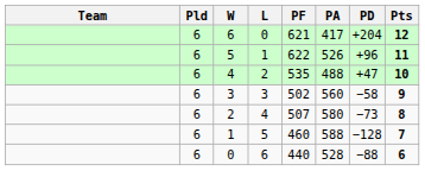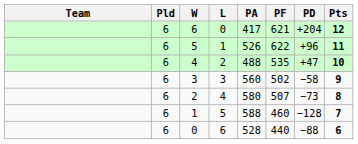 <table class=wikitable style="text-align:center">
 <tr>
 <th width=180>Team</th>
 <th width=30>Pld</th>
 <th width=30>W</th>
 <th width=30>L</th>
+<th width=30>PA</th>
 <th width=30>PF</th>
-<th width=30>PA</th>
 <th width=30>PD</th>
 <th width=30>Pts</th>
 </tr>
 <tr bgcolor="#ccffcc">
 <td align="left"></td>
 <td>6</td>
 <td>6</td>
 <td>0</td>
+<td>417</td>
 <td>621</td>
-<td>417</td>
 <td>+204</td>
 <td><strong>12</strong></td>
 </tr>
 <tr bgcolor="#ccffcc">
 <td align="left"></td>
 <td>6</td>
 <td>5</td>
 <td>1</td>
+<td>526</td>
 <td>622</td>
-<td>526</td>
 <td>+96</td>
 <td><strong>11</strong></td>
 </tr>
 <tr bgcolor="#ccffcc">
 <td align="left"></td>
 <td>6</td>
 <td>4</td>
 <td>2</td>
+<td>488</td>
 <td>535</td>
-<td>488</td>
 <td>+47</td>
 <td><strong>10</strong></td>
 </tr>
 <tr>
 <td align="left"></td>
 <td>6</td>
 <td>3</td>
 <td>3</td>
+<td>560</td>
 <td>502</td>
-<td>560</td>
 <td>−58</td>
 <td><strong>9</strong></td>
 </tr>
 <tr>
 <td align="left"></td>
 <td>6</td>
 <td>2</td>
 <td>4</td>
+<td>580</td>
 <td>507</td>
-<td>580</td>
 <td>−73</td>
 <td><strong>8</strong></td>
 </tr>
 <tr>
 <td align="left"></td>
 <td>6</td>
 <td>1</td>
 <td>5</td>
+<td>588</td>
 <td>460</td>
-<td>588</td>
 <td>−128</td>
 <td><strong>7</strong></td>
 </tr>
 <tr>
 <td align="left"></td>
 <td>6</td>
 <td>0</td>
 <td>6</td>
+<td>528</td>
 <td>440</td>
-<td>528</td>
 <td>−88</td>
 <td><strong>6</strong></td>
 </tr>
 </table>
